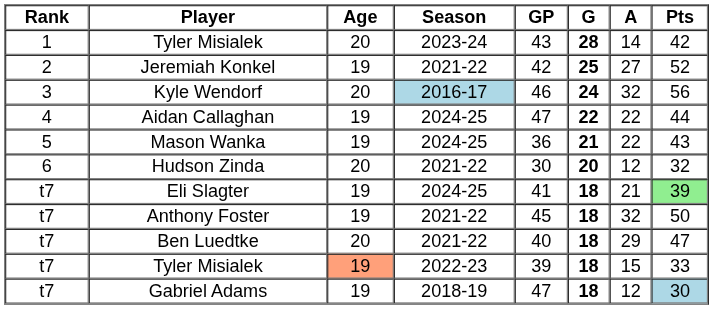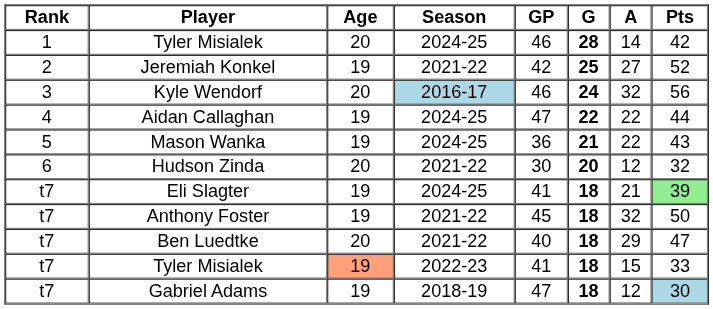 <table cellpadding="1" border="1" cellspacing="0" width="100%">
 <tr>
 <th>Rank</th>
 <th>Player</th>
 <th>Age</th>
 <th>Season</th>
 <th>GP</th>
 <th>G</th>
 <th>A</th>
 <th>Pts</th>
 </tr>
 <tr>
 </tr>
 <tr align="center">
 <td>1</td>
 <td>Tyler Misialek</td>
 <td>20</td>
-<td>2023-24</td>
-<td>43</td>
+<td>2024-25</td>
+<td>46</td>
 <td><strong>28</strong></td>
 <td>14</td>
 <td>42</td>
 </tr>
 <tr align="center">
 <td>2</td>
 <td>Jeremiah Konkel</td>
 <td>19</td>
 <td>2021-22</td>
 <td>42</td>
 <td><strong>25</strong></td>
 <td>27</td>
 <td>52</td>
 </tr>
 <tr align="center">
 <td>3</td>
 <td>Kyle Wendorf</td>
 <td>20</td>
 <td style="background: lightblue;">2016-17</td>
 <td>46</td>
 <td><strong>24</strong></td>
 <td>32</td>
 <td>56</td>
 </tr>
 <tr align="center">
 <td>4</td>
 <td>Aidan Callaghan</td>
 <td>19</td>
 <td>2024-25</td>
 <td>47</td>
 <td><strong>22</strong></td>
 <td>22</td>
 <td>44</td>
 </tr>
 <tr align="center">
 <td>5</td>
 <td>Mason Wanka</td>
 <td>19</td>
 <td>2024-25</td>
 <td>36</td>
 <td><strong>21</strong></td>
 <td>22</td>
 <td>43</td>
 </tr>
 <tr align="center">
 <td>6</td>
 <td>Hudson Zinda</td>
 <td>20</td>
 <td>2021-22</td>
 <td>30</td>
 <td><strong>20</strong></td>
 <td>12</td>
 <td>32</td>
 </tr>
 <tr align="center">
 <td>t7</td>
 <td>Eli Slagter</td>
 <td>19</td>
 <td>2024-25</td>
 <td>41</td>
 <td><strong>18</strong></td>
 <td>21</td>
 <td style="background: lightgreen;">39</td>
 </tr>
 <tr align="center">
 <td>t7</td>
 <td>Anthony Foster</td>
 <td>19</td>
 <td>2021-22</td>
 <td>45</td>
 <td><strong>18</strong></td>
 <td>32</td>
 <td>50</td>
 </tr>
 <tr align="center">
 <td>t7</td>
 <td>Ben Luedtke</td>
 <td>20</td>
 <td>2021-22</td>
 <td>40</td>
 <td><strong>18</strong></td>
 <td>29</td>
 <td>47</td>
 </tr>
 <tr align="center">
 <td>t7</td>
 <td>Tyler Misialek</td>
 <td style="background: lightsalmon;">19</td>
 <td>2022-23</td>
-<td>39</td>
+<td>41</td>
 <td><strong>18</strong></td>
 <td>15</td>
 <td>33</td>
 </tr>
 <tr align="center">
 <td>t7</td>
 <td>Gabriel Adams</td>
 <td>19</td>
 <td>2018-19</td>
 <td>47</td>
 <td><strong>18</strong></td>
 <td>12</td>
 <td style="background: lightblue;">30</td>
 </tr>
 </table>
